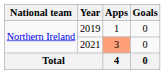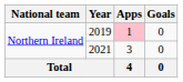 <table class="wikitable" style="text-align: center;">
 <tr>
 <th>National team</th>
 <th>Year</th>
 <th>Apps</th>
 <th>Goals</th>
 </tr>
 <tr>
 <td rowspan="2"><a href='#'>Northern Ireland</a></td>
 <td>2019</td>
-<td>1</td>
+<td style="background: pink;">1</td>
 <td>0</td>
 </tr>
 <tr>
 <td>2021</td>
-<td style="background: lightsalmon;">3</td>
+<td>3</td>
 <td>0</td>
 </tr>
 <tr>
 <th colspan="2">Total</th>
 <th>4</th>
 <th>0</th>
 </tr>
 </table>
